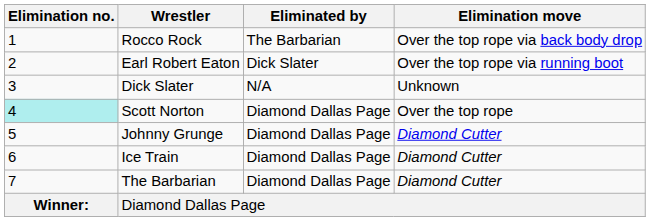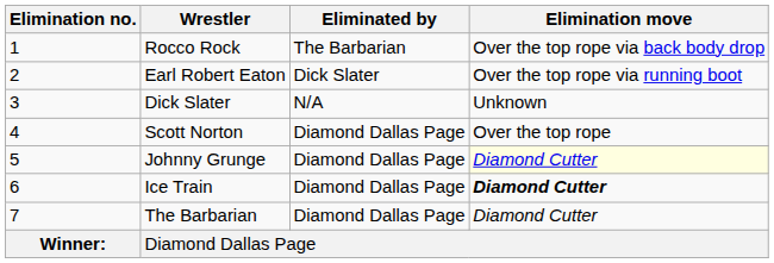 <table class="wikitable">
 <tr>
 <th>Elimination no.</th>
 <th>Wrestler</th>
 <th>Eliminated by</th>
 <th>Elimination move</th>
 </tr>
 <tr>
 <td>1</td>
 <td>Rocco Rock</td>
 <td>The Barbarian</td>
 <td>Over the top rope via <a href='#'>back body drop</a></td>
 </tr>
 <tr>
 <td>2</td>
 <td>Earl Robert Eaton</td>
 <td>Dick Slater</td>
 <td>Over the top rope via <a href='#'>running boot</a></td>
 </tr>
 <tr>
 <td>3</td>
 <td>Dick Slater</td>
 <td>N/A</td>
 <td>Unknown</td>
 </tr>
 <tr>
-<td style="background: paleturquoise;">4</td>
+<td>4</td>
 <td>Scott Norton</td>
 <td>Diamond Dallas Page</td>
 <td>Over the top rope</td>
 </tr>
 <tr>
 <td>5</td>
 <td>Johnny Grunge</td>
 <td>Diamond Dallas Page</td>
-<td><em><a href='#'>Diamond Cutter</a></em></td>
+<td style="background: lightyellow;"><em><a href='#'>Diamond Cutter</a></em></td>
 </tr>
 <tr>
 <td>6</td>
 <td>Ice Train</td>
 <td>Diamond Dallas Page</td>
-<td><em>Diamond Cutter</em></td>
+<td><strong><em>Diamond Cutter</em></strong></td>
 </tr>
 <tr>
 <td>7</td>
 <td>The Barbarian</td>
 <td>Diamond Dallas Page</td>
 <td><em>Diamond Cutter</em></td>
 </tr>
 <tr>
 <th>Winner:</th>
 <td colspan="5" bgcolor="#f2f2f2">Diamond Dallas Page</td>
 </tr>
 </table>
